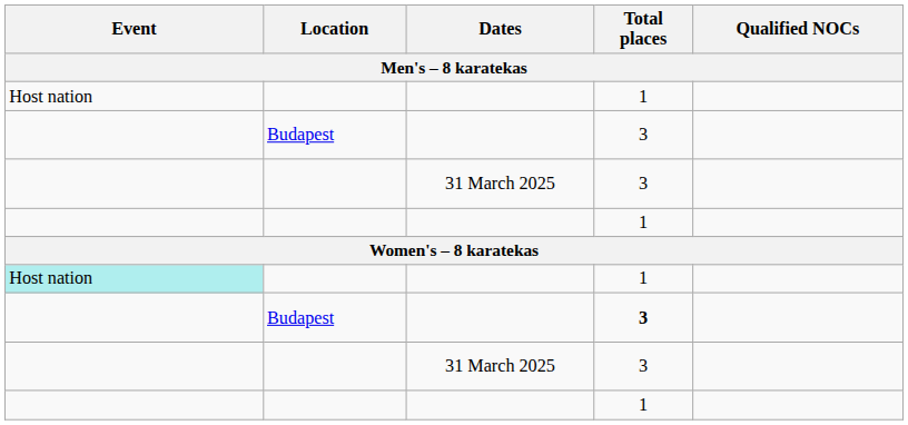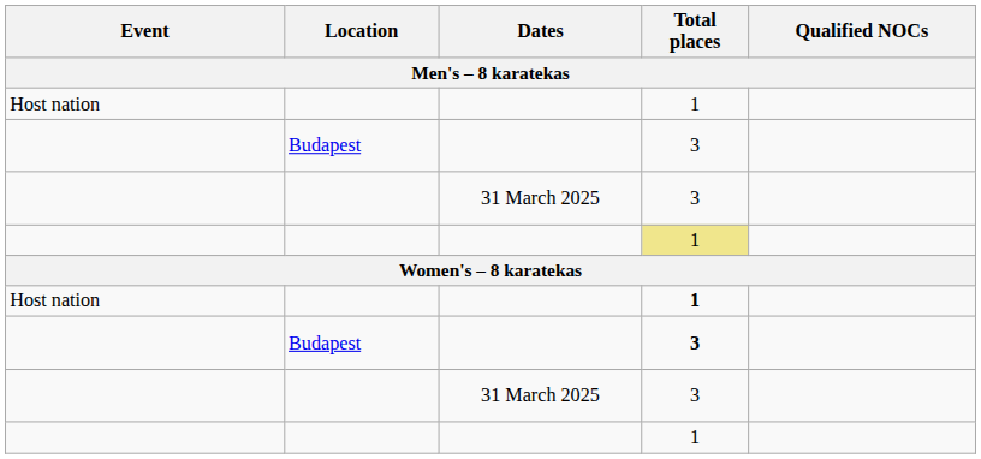 <table class="wikitable" width=800>
 <tr>
 <th>Event</th>
 <th width=120>Location</th>
 <th width=160>Dates</th>
 <th width=80>Total places</th>
 <th width=180>Qualified NOCs</th>
 </tr>
 <tr style="font-size:95%;">
 <th colspan=5>Men's – 8 karatekas</th>
 </tr>
 <tr>
 <td>Host nation</td>
 <td></td>
 <td></td>
 <td align="center">1</td>
 <td></td>
 </tr>
 <tr>
 <td></td>
 <td> <a href='#'>Budapest</a></td>
 <td align="center"></td>
 <td align="center">3</td>
 <td><br><br></td>
 </tr>
 <tr>
 <td></td>
 <td></td>
 <td align="center">31 March 2025</td>
 <td align="center">3</td>
 <td><br><br></td>
 </tr>
 <tr>
 <td></td>
 <td></td>
 <td></td>
-<td align="center">1</td>
+<td align="center" style="background: khaki;">1</td>
 <td></td>
 </tr>
 <tr style="font-size:95%;">
 <th colspan=5>Women's – 8 karatekas</th>
 </tr>
 <tr>
-<td style="background: paleturquoise;">Host nation</td>
+<td>Host nation</td>
 <td></td>
 <td></td>
-<td align="center">1</td>
+<td align="center"><strong>1</strong></td>
 <td></td>
 </tr>
 <tr>
 <td></td>
 <td> <a href='#'>Budapest</a></td>
 <td align="center"></td>
 <td align="center"><strong>3</strong></td>
 <td><br><br></td>
 </tr>
 <tr>
 <td></td>
 <td></td>
 <td align="center">31 March 2025</td>
 <td align="center">3</td>
 <td><br><br></td>
 </tr>
 <tr>
 <td></td>
 <td></td>
 <td></td>
 <td align="center">1</td>
 <td></td>
 </tr>
 </table>
